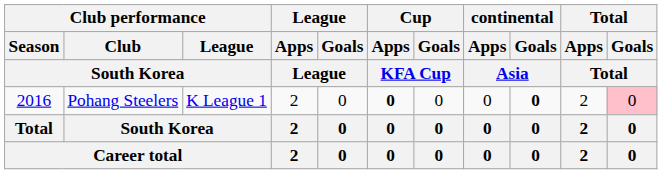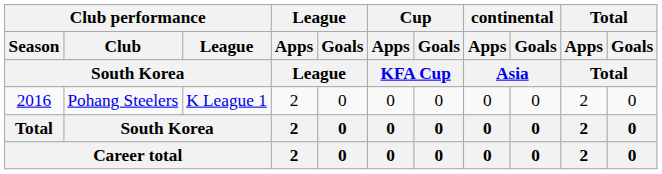 <table class="wikitable" style="text-align:center">
 <tr>
 <th colspan=3>Club performance</th>
 <th colspan=2>League</th>
 <th colspan=2>Cup</th>
 <th colspan=2>continental</th>
 <th colspan=2>Total</th>
 </tr>
 <tr>
 <th>Season</th>
 <th>Club</th>
 <th>League</th>
 <th>Apps</th>
 <th>Goals</th>
 <th>Apps</th>
 <th>Goals</th>
 <th>Apps</th>
 <th>Goals</th>
 <th>Apps</th>
 <th>Goals</th>
 </tr>
 <tr>
 <th colspan=3>South Korea</th>
 <th colspan=2>League</th>
 <th colspan=2><a href='#'>KFA Cup</a></th>
 <th colspan=2><a href='#'>Asia</a></th>
 <th colspan=2>Total</th>
 </tr>
 <tr>
 <td><a href='#'>2016</a></td>
 <td><a href='#'>Pohang Steelers</a></td>
 <td><a href='#'>K League 1</a></td>
 <td>2</td>
 <td>0</td>
-<td><strong>0</strong></td>
 <td>0</td>
 <td>0</td>
-<td><strong>0</strong></td>
+<td>0</td>
+<td>0</td>
 <td>2</td>
-<td style="background: pink;">0</td>
+<td>0</td>
 </tr>
 <tr>
 <th>Total</th>
 <th colspan=2>South Korea</th>
 <th>2</th>
 <th>0</th>
 <th>0</th>
 <th>0</th>
 <th>0</th>
 <th>0</th>
 <th>2</th>
 <th>0</th>
 </tr>
 <tr>
 <th colspan=3>Career total</th>
 <th>2</th>
 <th>0</th>
 <th>0</th>
 <th>0</th>
 <th>0</th>
 <th>0</th>
 <th>2</th>
 <th>0</th>
 </tr>
 </table>
